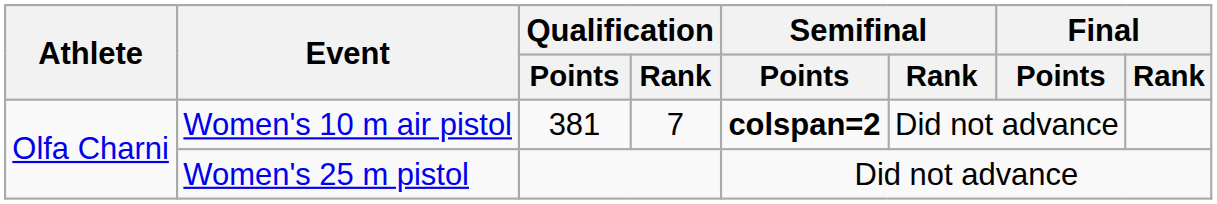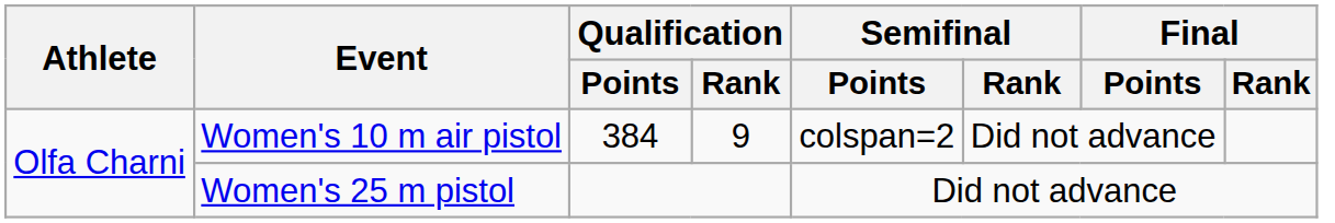 <table class="wikitable" style="font-size:90%">
 <tr>
 <th rowspan="2">Athlete</th>
 <th rowspan="2">Event</th>
 <th colspan=2>Qualification</th>
 <th colspan=2>Semifinal</th>
 <th colspan=2>Final</th>
 </tr>
 <tr style="font-size:95%">
 <th>Points</th>
 <th>Rank</th>
 <th>Points</th>
 <th>Rank</th>
 <th>Points</th>
 <th>Rank</th>
 </tr>
 <tr align=center>
 <td align=left rowspan=2><a href='#'>Olfa Charni</a></td>
 <td align=left><a href='#'>Women's 10 m air pistol</a></td>
-<td>381</td>
-<td>7</td>
-<td><strong>colspan=2 </strong></td>
+<td>384</td>
+<td>9</td>
+<td>colspan=2 </td>
 <td colspan=2>Did not advance</td>
 </tr>
 <tr align=center>
 <td align=left><a href='#'>Women's 25 m pistol</a></td>
 <td colspan=2></td>
 <td colspan=4>Did not advance</td>
 </tr>
 </table>
